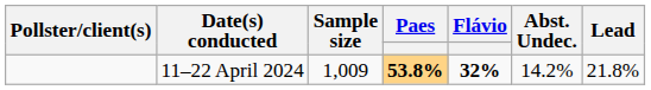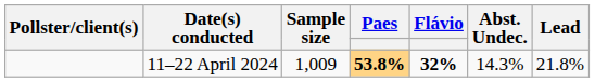 <table class="wikitable" style="text-align:center;font-size:90%;line-height:14px;">
 <tr>
 <th rowspan="2">Pollster/client(s)</th>
 <th rowspan="2">Date(s)<br>conducted</th>
 <th rowspan="2">Sample<br>size</th>
 <th><a href='#'>Paes</a><br></th>
 <th><a href='#'>Flávio</a><br></th>
 <th rowspan="2">Abst.<br>Undec.</th>
 <th rowspan="2">Lead</th>
 </tr>
 <tr>
 <th class="sortable" data-sort-type="number" style="background:"></th>
 <th class="sortable" data-sort-type="number" style="background:"></th>
 </tr>
 <tr>
 <td></td>
 <td>11–22 April 2024</td>
 <td>1,009</td>
 <td style="background:#ffd485;"><strong>53.8%</strong></td>
 <td><strong>32%</strong></td>
-<td>14.2%</td>
+<td>14.3%</td>
 <td style="background:">21.8%</td>
 </tr>
 </table>
